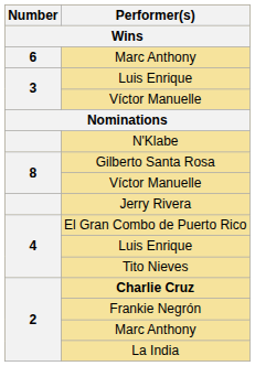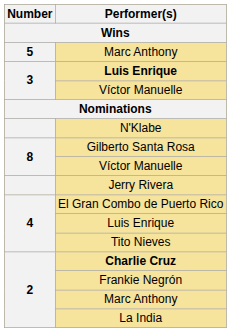 <table class="wikitable" rowspan=2 style="text-align: center; background: #f6e39c">
 <tr>
 <th scope="col" style="width:55px;">Number</th>
 <th scope="col" style="text-align:center;">Performer(s)</th>
 </tr>
 <tr>
 <th colspan="2">Wins</th>
 </tr>
 <tr>
-<th scope="row" rowspan=1 style="text-align:center">6</th>
+<th scope="row" rowspan=1 style="text-align:center">5</th>
 <td>Marc Anthony</td>
 </tr>
 <tr>
 <th scope="row" rowspan=2 style="text-align:center">3</th>
-<td>Luis Enrique</td>
+<td><strong>Luis Enrique</strong></td>
 </tr>
 <tr>
 <td>Víctor Manuelle</td>
 </tr>
 <tr>
 <th colspan="2">Nominations</th>
 </tr>
 <tr>
 <th scope="row"></th>
 <td>N'Klabe</td>
 </tr>
 <tr>
 <th scope="row" rowspan=2 style="text-align:center">8</th>
 <td>Gilberto Santa Rosa</td>
 </tr>
 <tr>
 <td>Víctor Manuelle</td>
 </tr>
 <tr>
 <th scope="row"></th>
 <td>Jerry Rivera</td>
 </tr>
 <tr>
 <th scope="row" rowspan=3 style="text-align:center">4</th>
 <td>El Gran Combo de Puerto Rico</td>
 </tr>
 <tr>
 <td>Luis Enrique</td>
 </tr>
 <tr>
 <td>Tito Nieves</td>
 </tr>
 <tr>
 <th scope="row" rowspan=4 style="text-align:center">2</th>
 <td><strong>Charlie Cruz</strong></td>
 </tr>
 <tr>
 <td>Frankie Negrón</td>
 </tr>
 <tr>
 <td>Marc Anthony</td>
 </tr>
 <tr>
 <td>La India</td>
 </tr>
 </table>
